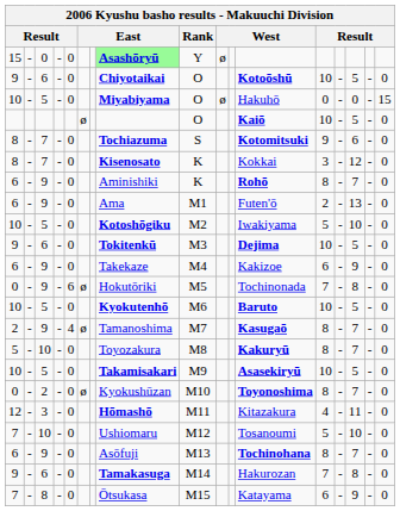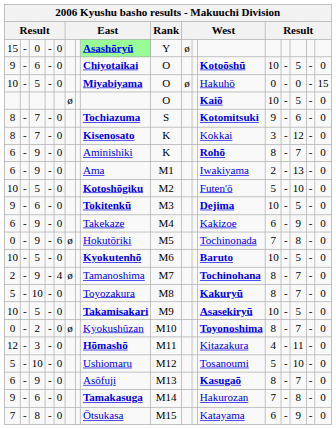 <table class="wikitable">
 <tr>
 <th colspan="17">2006 Kyushu basho results - Makuuchi Division</th>
 </tr>
 <tr>
 <th colspan="5">Result</th>
 <th colspan="3">East</th>
 <th>Rank</th>
 <th colspan="3">West</th>
 <th colspan="5">Result</th>
 </tr>
 <tr>
 <td align=center>15</td>
 <td align=center>-</td>
 <td align=center>0</td>
 <td align=center>-</td>
 <td align=center>0</td>
 <td align=center></td>
 <td align=center></td>
 <td style="background: PaleGreen;"><strong><a href='#'>Asashōryū</a></strong></td>
 <td align=center>Y</td>
 <td align=center>ø</td>
 <td align=center></td>
 <td></td>
 <td align=center></td>
 <td align=center></td>
 <td align=center></td>
 <td align=center></td>
 <td align=center></td>
 </tr>
 <tr>
 <td align=center>9</td>
 <td align=center>-</td>
 <td align=center>6</td>
 <td align=center>-</td>
 <td align=center>0</td>
 <td align=center></td>
 <td align=center></td>
 <td><strong><a href='#'>Chiyotaikai</a></strong></td>
 <td align=center>O</td>
 <td align=center></td>
 <td align=center></td>
 <td><strong><a href='#'>Kotoōshū</a></strong></td>
 <td align=center>10</td>
 <td align=center>-</td>
 <td align=center>5</td>
 <td align=center>-</td>
 <td align=center>0</td>
 </tr>
 <tr>
 <td align=center>10</td>
 <td align=center>-</td>
 <td align=center>5</td>
 <td align=center>-</td>
 <td align=center>0</td>
 <td align=center></td>
 <td align=center></td>
 <td><a href='#'><strong>Miyabiyama</strong></a></td>
 <td align=center>O</td>
 <td align=center>ø</td>
 <td align=center></td>
 <td><a href='#'>Hakuhō</a></td>
 <td align=center>0</td>
 <td align=center>-</td>
 <td align=center>0</td>
 <td align=center>-</td>
 <td align=center>15</td>
 </tr>
 <tr>
 <td align=center></td>
 <td align=center></td>
 <td align=center></td>
 <td align=center></td>
 <td align=center></td>
 <td align=center>ø</td>
 <td align=center></td>
 <td></td>
 <td align=center>O</td>
 <td align=center></td>
 <td align=center></td>
 <td><strong><a href='#'>Kaiō</a></strong></td>
 <td align=center>10</td>
 <td align=center>-</td>
 <td align=center>5</td>
 <td align=center>-</td>
 <td align=center>0</td>
 </tr>
 <tr>
 <td align=center>8</td>
 <td align=center>-</td>
 <td align=center>7</td>
 <td align=center>-</td>
 <td align=center>0</td>
 <td align=center></td>
 <td align=center></td>
 <td><strong><a href='#'>Tochiazuma</a></strong></td>
 <td align=center>S</td>
 <td align=center></td>
 <td align=center></td>
 <td><a href='#'><strong>Kotomitsuki</strong></a></td>
 <td align=center>9</td>
 <td align=center>-</td>
 <td align=center>6</td>
 <td align=center>-</td>
 <td align=center>0</td>
 </tr>
 <tr>
 <td align=center>8</td>
 <td align=center>-</td>
 <td align=center>7</td>
 <td align=center>-</td>
 <td align=center>0</td>
 <td align=center></td>
 <td align=center></td>
 <td><a href='#'><strong>Kisenosato</strong></a></td>
 <td align=center>K</td>
 <td align=center></td>
 <td align=center></td>
 <td><a href='#'>Kokkai</a></td>
 <td align=center>3</td>
 <td align=center>-</td>
 <td align=center>12</td>
 <td align=center>-</td>
 <td align=center>0</td>
 </tr>
 <tr>
 <td align=center>6</td>
 <td align=center>-</td>
 <td align=center>9</td>
 <td align=center>-</td>
 <td align=center>0</td>
 <td align=center></td>
 <td align=center></td>
 <td><a href='#'>Aminishiki</a></td>
 <td align=center>K</td>
 <td align=center></td>
 <td align=center></td>
 <td><a href='#'><strong>Rohō</strong></a></td>
 <td align=center>8</td>
 <td align=center>-</td>
 <td align=center>7</td>
 <td align=center>-</td>
 <td align=center>0</td>
 </tr>
 <tr>
 <td align=center>6</td>
 <td align=center>-</td>
 <td align=center>9</td>
 <td align=center>-</td>
 <td align=center>0</td>
 <td align=center></td>
 <td align=center></td>
 <td><a href='#'>Ama</a></td>
 <td align=center>M1</td>
 <td align=center></td>
 <td align=center></td>
-<td><a href='#'>Futen'ō</a></td>
+<td><a href='#'>Iwakiyama</a></td>
 <td align=center>2</td>
 <td align=center>-</td>
 <td align=center>13</td>
 <td align=center>-</td>
 <td align=center>0</td>
 </tr>
 <tr>
 <td align=center>10</td>
 <td align=center>-</td>
 <td align=center>5</td>
 <td align=center>-</td>
 <td align=center>0</td>
 <td align=center></td>
 <td align=center></td>
 <td><a href='#'><strong>Kotoshōgiku</strong></a></td>
 <td align=center>M2</td>
 <td align=center></td>
 <td align=center></td>
-<td><a href='#'>Iwakiyama</a></td>
+<td><a href='#'>Futen'ō</a></td>
 <td align=center>5</td>
 <td align=center>-</td>
 <td align=center>10</td>
 <td align=center>-</td>
 <td align=center>0</td>
 </tr>
 <tr>
 <td align=center>9</td>
 <td align=center>-</td>
 <td align=center>6</td>
 <td align=center>-</td>
 <td align=center>0</td>
 <td align=center></td>
 <td align=center></td>
 <td><a href='#'><strong>Tokitenkū</strong></a></td>
 <td align=center>M3</td>
 <td align=center></td>
 <td align=center></td>
 <td><a href='#'><strong>Dejima</strong></a></td>
 <td align=center>10</td>
 <td align=center>-</td>
 <td align=center>5</td>
 <td align=center>-</td>
 <td align=center>0</td>
 </tr>
 <tr>
 <td align=center>6</td>
 <td align=center>-</td>
 <td align=center>9</td>
 <td align=center>-</td>
 <td align=center>0</td>
 <td align=center></td>
 <td align=center></td>
 <td><a href='#'>Takekaze</a></td>
 <td align=center>M4</td>
 <td align=center></td>
 <td align=center></td>
 <td><a href='#'>Kakizoe</a></td>
 <td align=center>6</td>
 <td align=center>-</td>
 <td align=center>9</td>
 <td align=center>-</td>
 <td align=center>0</td>
 </tr>
 <tr>
 <td align=center>0</td>
 <td align=center>-</td>
 <td align=center>9</td>
 <td align=center>-</td>
 <td align=center>6</td>
 <td align=center>ø</td>
 <td align=center></td>
 <td><a href='#'>Hokutōriki</a></td>
 <td align=center>M5</td>
 <td align=center></td>
 <td align=center></td>
 <td><a href='#'>Tochinonada</a></td>
 <td align=center>7</td>
 <td align=center>-</td>
 <td align=center>8</td>
 <td align=center>-</td>
 <td align=center>0</td>
 </tr>
 <tr>
 <td align=center>10</td>
 <td align=center>-</td>
 <td align=center>5</td>
 <td align=center>-</td>
 <td align=center>0</td>
 <td align=center></td>
 <td align=center></td>
 <td><a href='#'><strong>Kyokutenhō</strong></a></td>
 <td align=center>M6</td>
 <td align=center></td>
 <td align=center></td>
 <td><strong><a href='#'>Baruto</a></strong></td>
 <td align=center>10</td>
 <td align=center>-</td>
 <td align=center>5</td>
 <td align=center>-</td>
 <td align=center>0</td>
 </tr>
 <tr>
 <td align=center>2</td>
 <td align=center>-</td>
 <td align=center>9</td>
 <td align=center>-</td>
 <td align=center>4</td>
 <td align=center>ø</td>
 <td align=center></td>
 <td><a href='#'>Tamanoshima</a></td>
 <td align=center>M7</td>
 <td align=center></td>
 <td align=center></td>
-<td><a href='#'><strong>Kasugaō</strong></a></td>
+<td><a href='#'><strong>Tochinohana</strong></a></td>
 <td align=center>8</td>
 <td align=center>-</td>
 <td align=center>7</td>
 <td align=center>-</td>
 <td align=center>0</td>
 </tr>
 <tr>
 <td align=center>5</td>
 <td align=center>-</td>
 <td align=center>10</td>
 <td align=center>-</td>
 <td align=center>0</td>
 <td align=center></td>
 <td align=center></td>
 <td><a href='#'>Toyozakura</a></td>
 <td align=center>M8</td>
 <td align=center></td>
 <td align=center></td>
 <td><strong><a href='#'>Kakuryū</a></strong></td>
 <td align=center>8</td>
 <td align=center>-</td>
 <td align=center>7</td>
 <td align=center>-</td>
 <td align=center>0</td>
 </tr>
 <tr>
 <td align=center>10</td>
 <td align=center>-</td>
 <td align=center>5</td>
 <td align=center>-</td>
 <td align=center>0</td>
 <td align=center></td>
 <td align=center></td>
 <td><a href='#'><strong>Takamisakari</strong></a></td>
 <td align=center>M9</td>
 <td align=center></td>
 <td align=center></td>
 <td><a href='#'><strong>Asasekiryū</strong></a></td>
 <td align=center>10</td>
 <td align=center>-</td>
 <td align=center>5</td>
 <td align=center>-</td>
 <td align=center>0</td>
 </tr>
 <tr>
 <td align=center>0</td>
 <td align=center>-</td>
 <td align=center>2</td>
 <td align=center>-</td>
 <td align=center>0</td>
 <td align=center>ø</td>
 <td align=center></td>
 <td><a href='#'>Kyokushūzan</a></td>
 <td align=center>M10</td>
 <td align=center></td>
 <td align=center></td>
 <td><a href='#'><strong>Toyonoshima</strong></a></td>
 <td align=center>8</td>
 <td align=center>-</td>
 <td align=center>7</td>
 <td align=center>-</td>
 <td align=center>0</td>
 </tr>
 <tr>
 <td align=center>12</td>
 <td align=center>-</td>
 <td align=center>3</td>
 <td align=center>-</td>
 <td align=center>0</td>
 <td align=center></td>
 <td align=center></td>
 <td><a href='#'><strong>Hōmashō</strong></a></td>
 <td align=center>M11</td>
 <td align=center></td>
 <td align=center></td>
 <td><a href='#'>Kitazakura</a></td>
 <td align=center>4</td>
 <td align=center>-</td>
 <td align=center>11</td>
 <td align=center>-</td>
 <td align=center>0</td>
 </tr>
 <tr>
-<td align=center>7</td>
+<td align=center>5</td>
 <td align=center>-</td>
 <td align=center>10</td>
 <td align=center>-</td>
 <td align=center>0</td>
 <td align=center></td>
 <td align=center></td>
 <td><a href='#'>Ushiomaru</a></td>
 <td align=center>M12</td>
 <td align=center></td>
 <td align=center></td>
 <td><a href='#'>Tosanoumi</a></td>
 <td align=center>5</td>
 <td align=center>-</td>
 <td align=center>10</td>
 <td align=center>-</td>
 <td align=center>0</td>
 </tr>
 <tr>
 <td align=center>6</td>
 <td align=center>-</td>
 <td align=center>9</td>
 <td align=center>-</td>
 <td align=center>0</td>
 <td align=center></td>
 <td align=center></td>
 <td><a href='#'>Asōfuji</a></td>
 <td align=center>M13</td>
 <td align=center></td>
 <td align=center></td>
-<td><a href='#'><strong>Tochinohana</strong></a></td>
+<td><a href='#'><strong>Kasugaō</strong></a></td>
 <td align=center>8</td>
 <td align=center>-</td>
 <td align=center>7</td>
 <td align=center>-</td>
 <td align=center>0</td>
 </tr>
 <tr>
 <td align=center>9</td>
 <td align=center>-</td>
 <td align=center>6</td>
 <td align=center>-</td>
 <td align=center>0</td>
 <td align=center></td>
 <td align=center></td>
 <td><a href='#'><strong>Tamakasuga</strong></a></td>
 <td align=center>M14</td>
 <td align=center></td>
 <td align=center></td>
 <td><a href='#'>Hakurozan</a></td>
 <td align=center>7</td>
 <td align=center>-</td>
 <td align=center>8</td>
 <td align=center>-</td>
 <td align=center>0</td>
 </tr>
 <tr>
 <td align=center>7</td>
 <td align=center>-</td>
 <td align=center>8</td>
 <td align=center>-</td>
 <td align=center>0</td>
 <td align=center></td>
 <td align=center></td>
 <td><a href='#'>Ōtsukasa</a></td>
 <td align=center>M15</td>
 <td align=center></td>
 <td align=center></td>
 <td><a href='#'>Katayama</a></td>
 <td align=center>6</td>
 <td align=center>-</td>
 <td align=center>9</td>
 <td align=center>-</td>
 <td align=center>0</td>
 </tr>
 </table>
